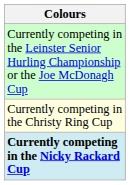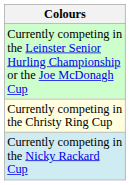 <table class="wikitable">
 <tr>
 <th width="150">Colours</th>
 </tr>
 <tr style="background:#ccffcc">
 <td>Currently competing in the <a href='#'>Leinster Senior Hurling Championship</a> or the <a href='#'>Joe McDonagh Cup</a></td>
 </tr>
 <tr style="background:#FFFFE0">
 <td>Currently competing in the Christy Ring Cup</td>
 </tr>
 <tr style="background:#CEECF2">
-<td><strong>Currently competing in the <a href='#'>Nicky Rackard Cup</a></strong></td>
+<td>Currently competing in the <a href='#'>Nicky Rackard Cup</a></td>
 </tr>
 </table>
